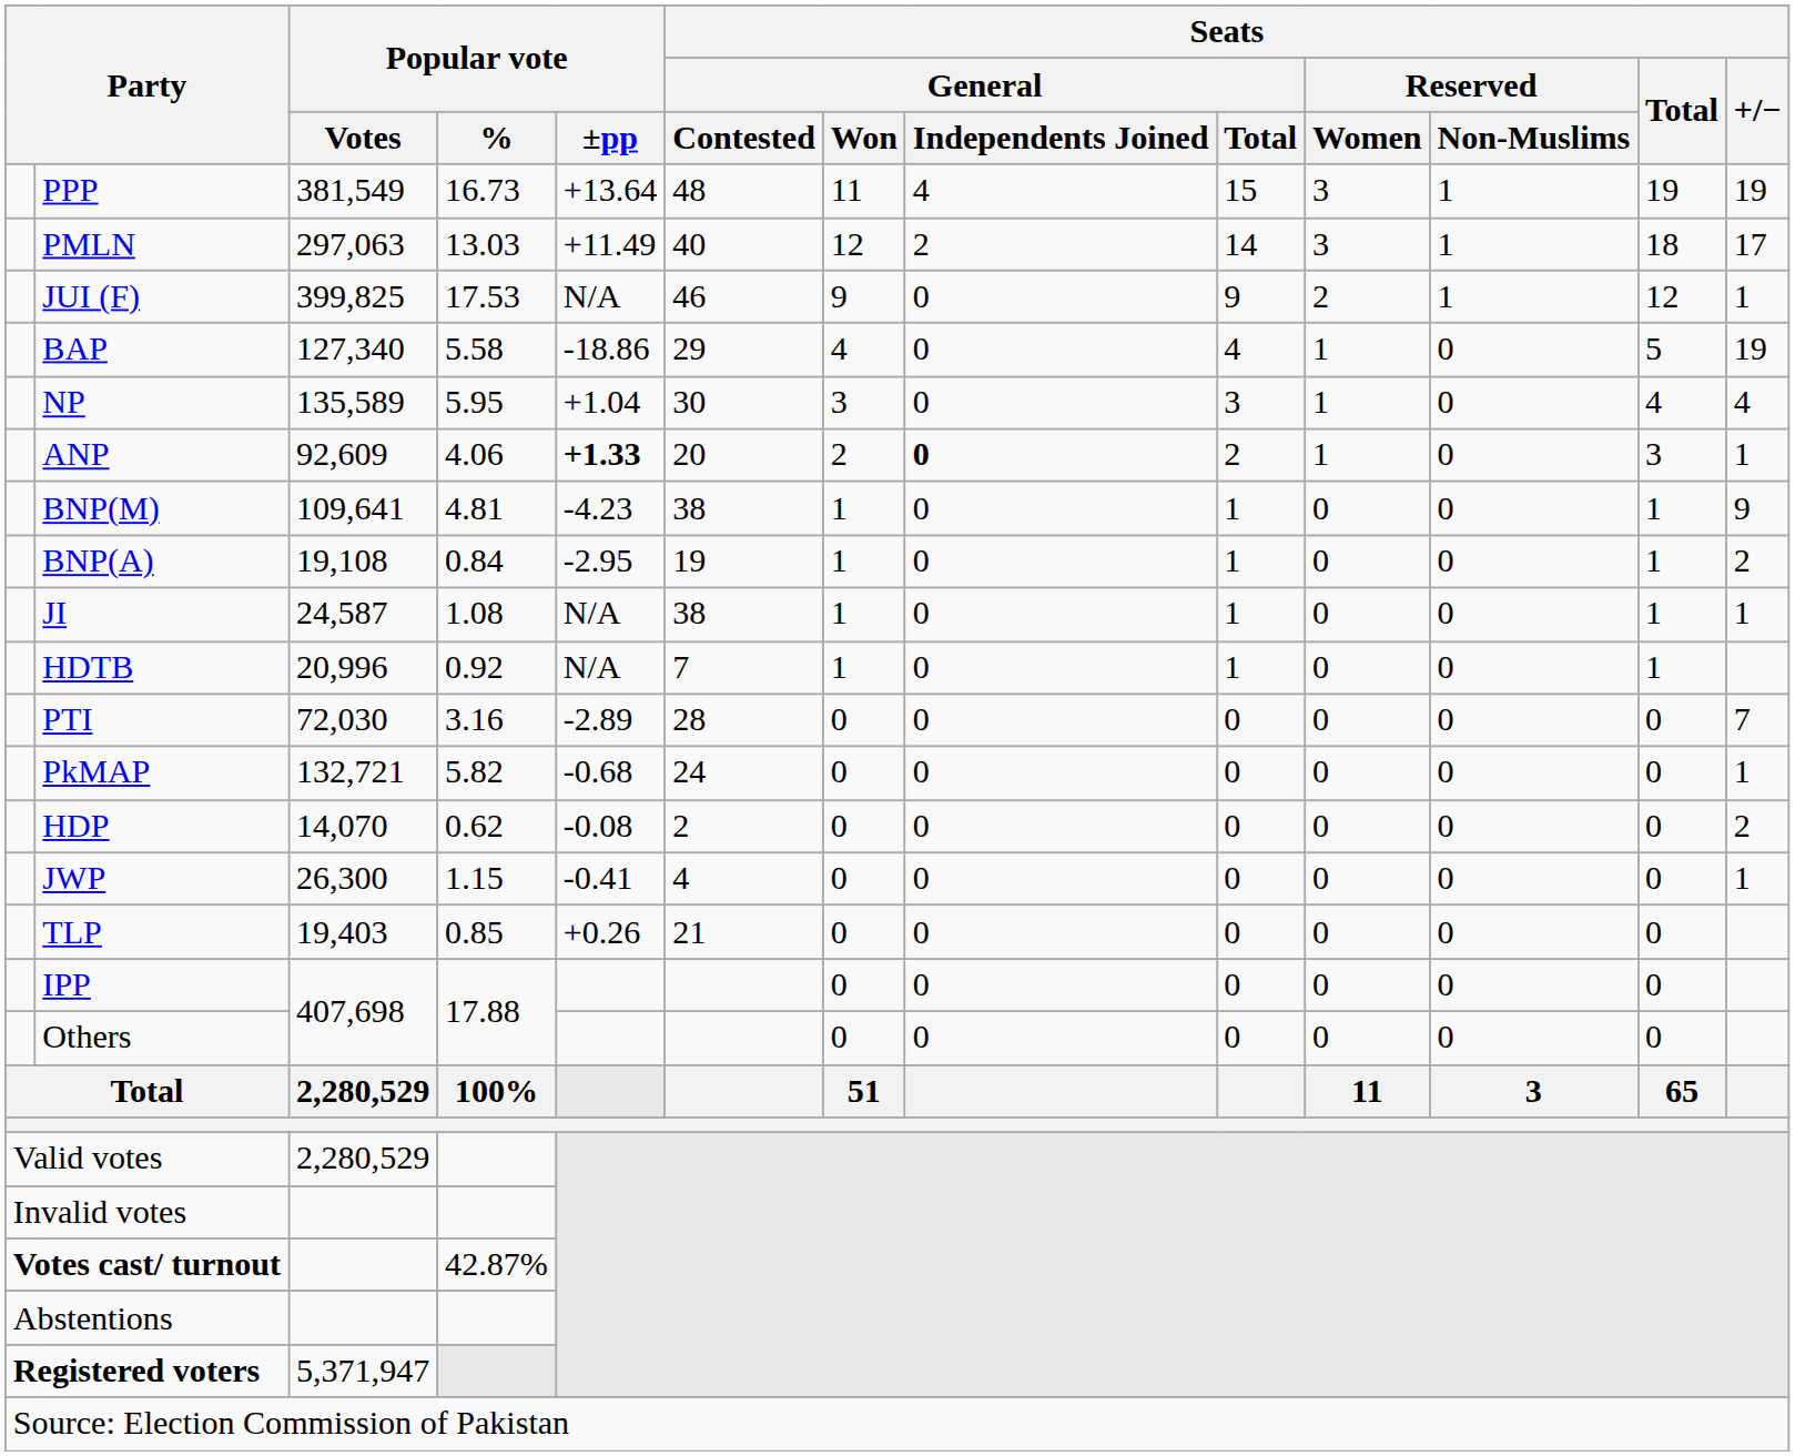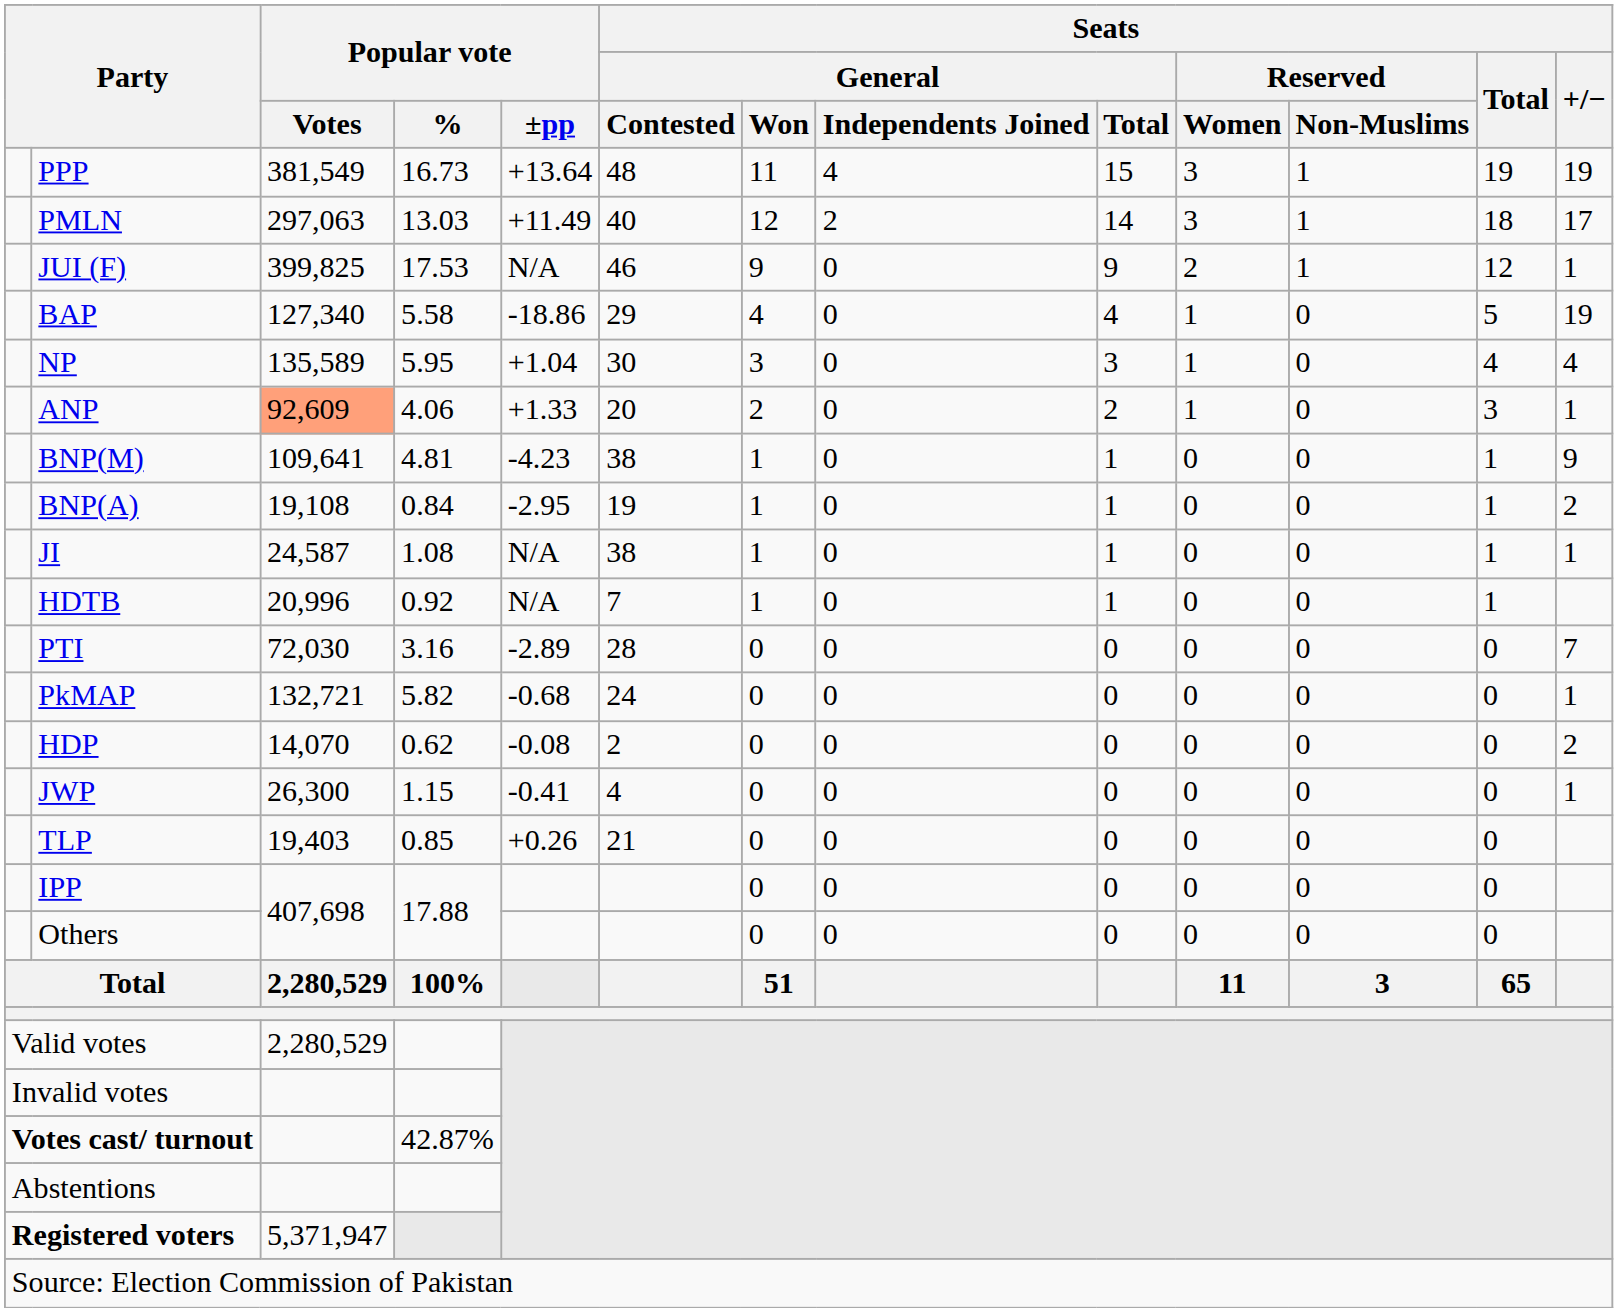 <table class="wikitable">
 <tr>
 <th colspan="2" rowspan="3">Party</th>
 <th colspan="3" rowspan="2">Popular vote</th>
 <th colspan="8">Seats</th>
 </tr>
 <tr>
 <th colspan="4">General</th>
 <th colspan="2">Reserved</th>
 <th rowspan="2">Total</th>
 <th rowspan="2">+/−</th>
 </tr>
 <tr>
 <th>Votes</th>
 <th>%</th>
 <th>±<a href='#'>pp</a></th>
 <th>Contested</th>
 <th>Won</th>
 <th>Independents Joined</th>
 <th>Total</th>
 <th>Women</th>
 <th>Non-Muslims</th>
 </tr>
 <tr>
 <td></td>
 <td><a href='#'>PPP</a></td>
 <td>381,549</td>
 <td>16.73</td>
 <td>+13.64</td>
 <td>48</td>
 <td>11</td>
 <td>4</td>
 <td>15</td>
 <td>3</td>
 <td>1</td>
 <td>19</td>
 <td>19</td>
 </tr>
 <tr>
 <td></td>
 <td><a href='#'>PMLN</a></td>
 <td>297,063</td>
 <td>13.03</td>
 <td>+11.49</td>
 <td>40</td>
 <td>12</td>
 <td>2</td>
 <td>14</td>
 <td>3</td>
 <td>1</td>
 <td>18</td>
 <td>17</td>
 </tr>
 <tr>
 <td></td>
 <td><a href='#'>JUI (F)</a></td>
 <td>399,825</td>
 <td>17.53</td>
 <td>N/A</td>
 <td>46</td>
 <td>9</td>
 <td>0</td>
 <td>9</td>
 <td>2</td>
 <td>1</td>
 <td>12</td>
 <td>1</td>
 </tr>
 <tr>
 <td></td>
 <td><a href='#'>BAP</a></td>
 <td>127,340</td>
 <td>5.58</td>
 <td>-18.86</td>
 <td>29</td>
 <td>4</td>
 <td>0</td>
 <td>4</td>
 <td>1</td>
 <td>0</td>
 <td>5</td>
 <td>19</td>
 </tr>
 <tr>
 <td></td>
 <td><a href='#'>NP</a></td>
 <td>135,589</td>
 <td>5.95</td>
 <td>+1.04</td>
 <td>30</td>
 <td>3</td>
 <td>0</td>
 <td>3</td>
 <td>1</td>
 <td>0</td>
 <td>4</td>
 <td>4</td>
 </tr>
 <tr>
 <td></td>
 <td><a href='#'>ANP</a></td>
-<td>92,609</td>
+<td style="background: lightsalmon;">92,609</td>
 <td>4.06</td>
-<td><strong>+1.33</strong></td>
+<td>+1.33</td>
 <td>20</td>
 <td>2</td>
-<td><strong>0</strong></td>
+<td>0</td>
 <td>2</td>
 <td>1</td>
 <td>0</td>
 <td>3</td>
 <td>1</td>
 </tr>
 <tr>
 <td></td>
 <td><a href='#'>BNP(M)</a></td>
 <td>109,641</td>
 <td>4.81</td>
 <td>-4.23</td>
 <td>38</td>
 <td>1</td>
 <td>0</td>
 <td>1</td>
 <td>0</td>
 <td>0</td>
 <td>1</td>
 <td>9</td>
 </tr>
 <tr>
 <td></td>
 <td><a href='#'>BNP(A)</a></td>
 <td>19,108</td>
 <td>0.84</td>
 <td>-2.95</td>
 <td>19</td>
 <td>1</td>
 <td>0</td>
 <td>1</td>
 <td>0</td>
 <td>0</td>
 <td>1</td>
 <td>2</td>
 </tr>
 <tr>
 <td></td>
 <td><a href='#'>JI</a></td>
 <td>24,587</td>
 <td>1.08</td>
 <td>N/A</td>
 <td>38</td>
 <td>1</td>
 <td>0</td>
 <td>1</td>
 <td>0</td>
 <td>0</td>
 <td>1</td>
 <td>1</td>
 </tr>
 <tr>
 <td></td>
 <td><a href='#'>HDTB</a></td>
 <td>20,996</td>
 <td>0.92</td>
 <td>N/A</td>
 <td>7</td>
 <td>1</td>
 <td>0</td>
 <td>1</td>
 <td>0</td>
 <td>0</td>
 <td>1</td>
 <td></td>
 </tr>
 <tr>
 <td></td>
 <td><a href='#'>PTI</a></td>
 <td>72,030</td>
 <td>3.16</td>
 <td>-2.89</td>
 <td>28</td>
 <td>0</td>
 <td>0</td>
 <td>0</td>
 <td>0</td>
 <td>0</td>
 <td>0</td>
 <td>7</td>
 </tr>
 <tr>
 <td></td>
 <td><a href='#'>PkMAP</a></td>
 <td>132,721</td>
 <td>5.82</td>
 <td>-0.68</td>
 <td>24</td>
 <td>0</td>
 <td>0</td>
 <td>0</td>
 <td>0</td>
 <td>0</td>
 <td>0</td>
 <td>1</td>
 </tr>
 <tr>
 <td></td>
 <td><a href='#'>HDP</a></td>
 <td>14,070</td>
 <td>0.62</td>
 <td>-0.08</td>
 <td>2</td>
 <td>0</td>
 <td>0</td>
 <td>0</td>
 <td>0</td>
 <td>0</td>
 <td>0</td>
 <td>2</td>
 </tr>
 <tr>
 <td></td>
 <td><a href='#'>JWP</a></td>
 <td>26,300</td>
 <td>1.15</td>
 <td>-0.41</td>
 <td>4</td>
 <td>0</td>
 <td>0</td>
 <td>0</td>
 <td>0</td>
 <td>0</td>
 <td>0</td>
 <td>1</td>
 </tr>
 <tr>
 <td></td>
 <td><a href='#'>TLP</a></td>
 <td>19,403</td>
 <td>0.85</td>
 <td>+0.26</td>
 <td>21</td>
 <td>0</td>
 <td>0</td>
 <td>0</td>
 <td>0</td>
 <td>0</td>
 <td>0</td>
 <td></td>
 </tr>
 <tr>
 <td></td>
 <td><a href='#'>IPP</a></td>
 <td rowspan="2">407,698</td>
 <td rowspan="2">17.88</td>
 <td></td>
 <td></td>
 <td>0</td>
 <td>0</td>
 <td>0</td>
 <td>0</td>
 <td>0</td>
 <td>0</td>
 <td></td>
 </tr>
 <tr>
 <td></td>
 <td>Others</td>
 <td></td>
 <td></td>
 <td>0</td>
 <td>0</td>
 <td>0</td>
 <td>0</td>
 <td>0</td>
 <td>0</td>
 <td></td>
 </tr>
 <tr>
 <th colspan="2">Total</th>
 <th>2,280,529</th>
 <th>100%</th>
 <th style="background-color:#E9E9E9"></th>
 <th></th>
 <th>51</th>
 <th></th>
 <th></th>
 <th>11</th>
 <th>3</th>
 <th>65</th>
 <th></th>
 </tr>
 <tr>
 <th colspan="13"></th>
 </tr>
 <tr>
 <td colspan="2" style="text-align:left;">Valid votes</td>
 <td align="right">2,280,529</td>
 <td align="right"></td>
 <th colspan="9" rowspan="5" style="background-color:#E9E9E9"></th>
 </tr>
 <tr>
 <td colspan="2" style="text-align:left;">Invalid votes</td>
 <td align="right"></td>
 <td align="right"></td>
 </tr>
 <tr>
 <td colspan="2" style="text-align:left;"><strong>Votes cast/ turnout</strong></td>
 <td align="right"></td>
 <td align="right">42.87%</td>
 </tr>
 <tr>
 <td colspan="2" style="text-align:left;">Abstentions</td>
 <td align="right"></td>
 <td align="right"></td>
 </tr>
 <tr>
 <td colspan="2" style="text-align:left;"><strong>Registered voters</strong></td>
 <td align="right">5,371,947</td>
 <td style="background-color:#E9E9E9"></td>
 </tr>
 <tr>
 <td colspan="13">Source: Election Commission of Pakistan</td>
 </tr>
 </table>
